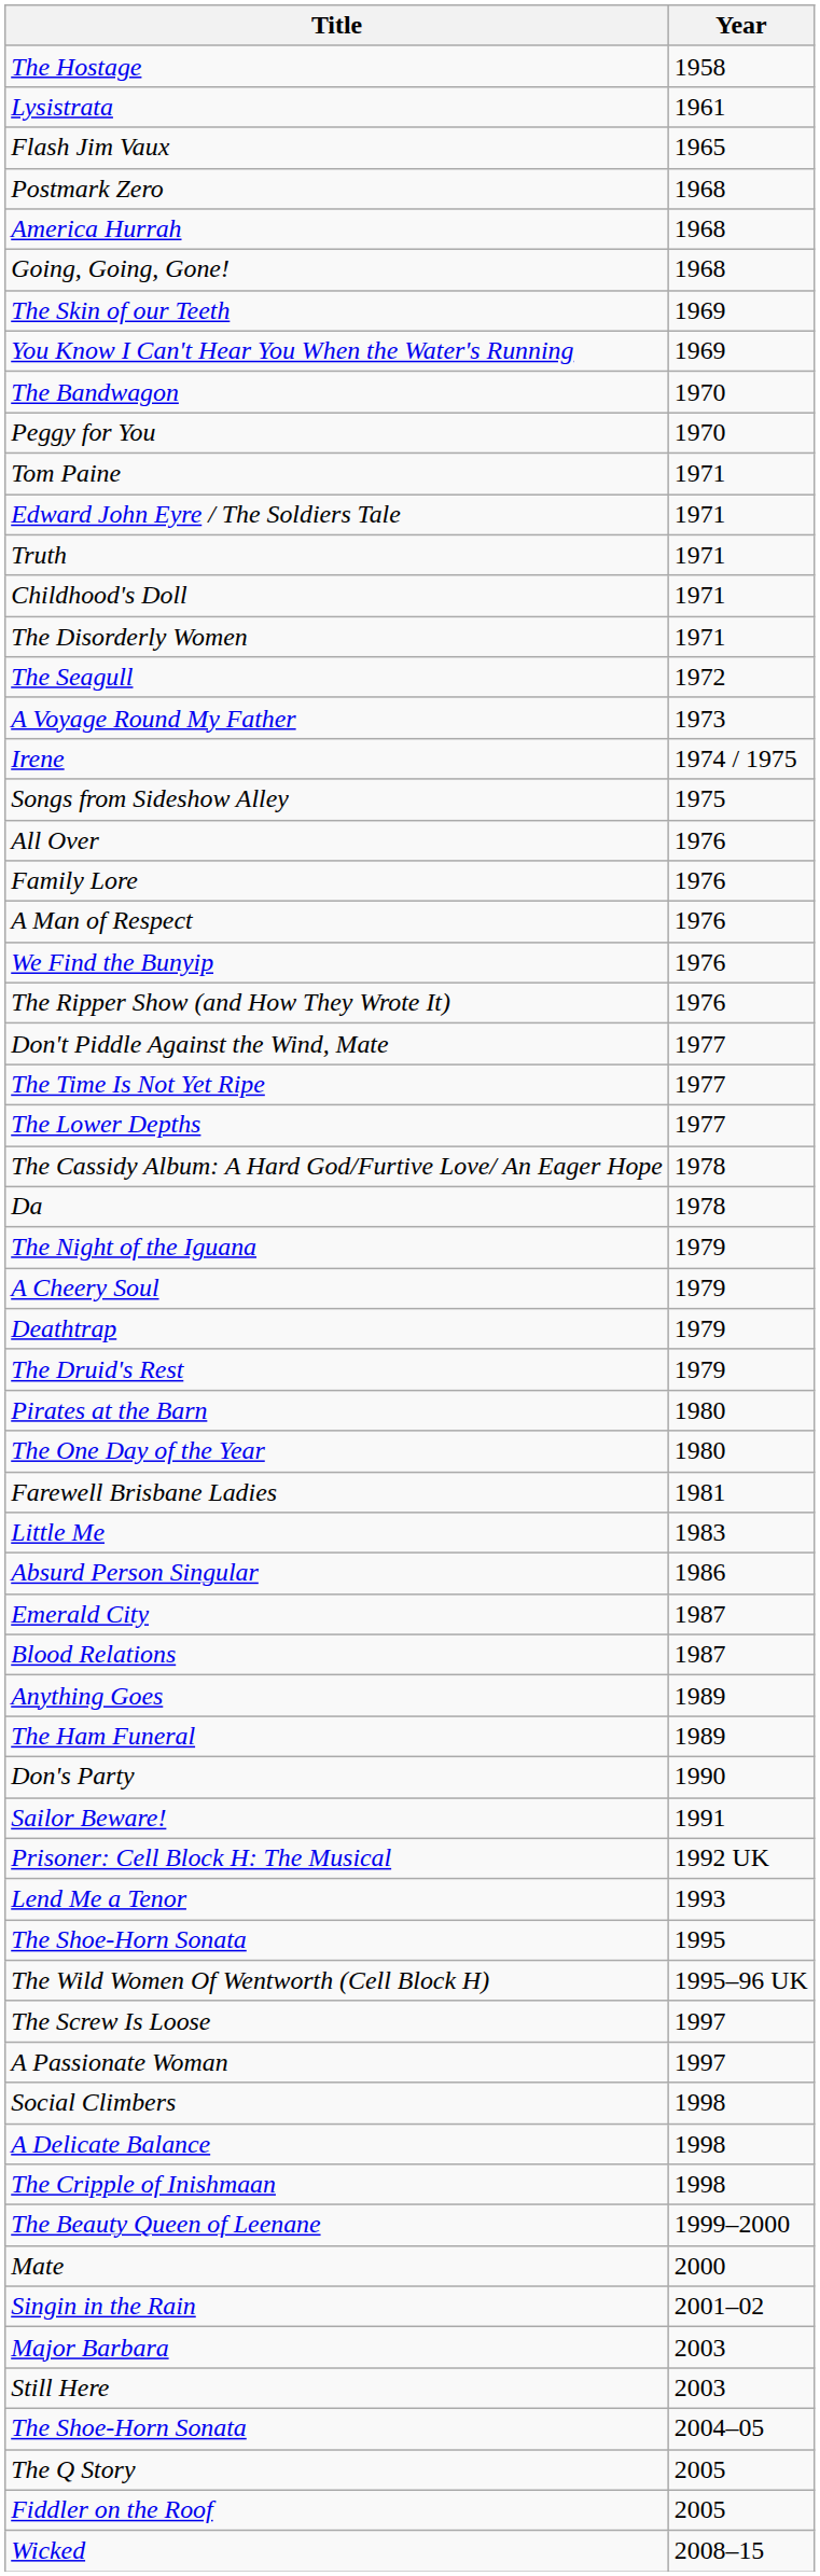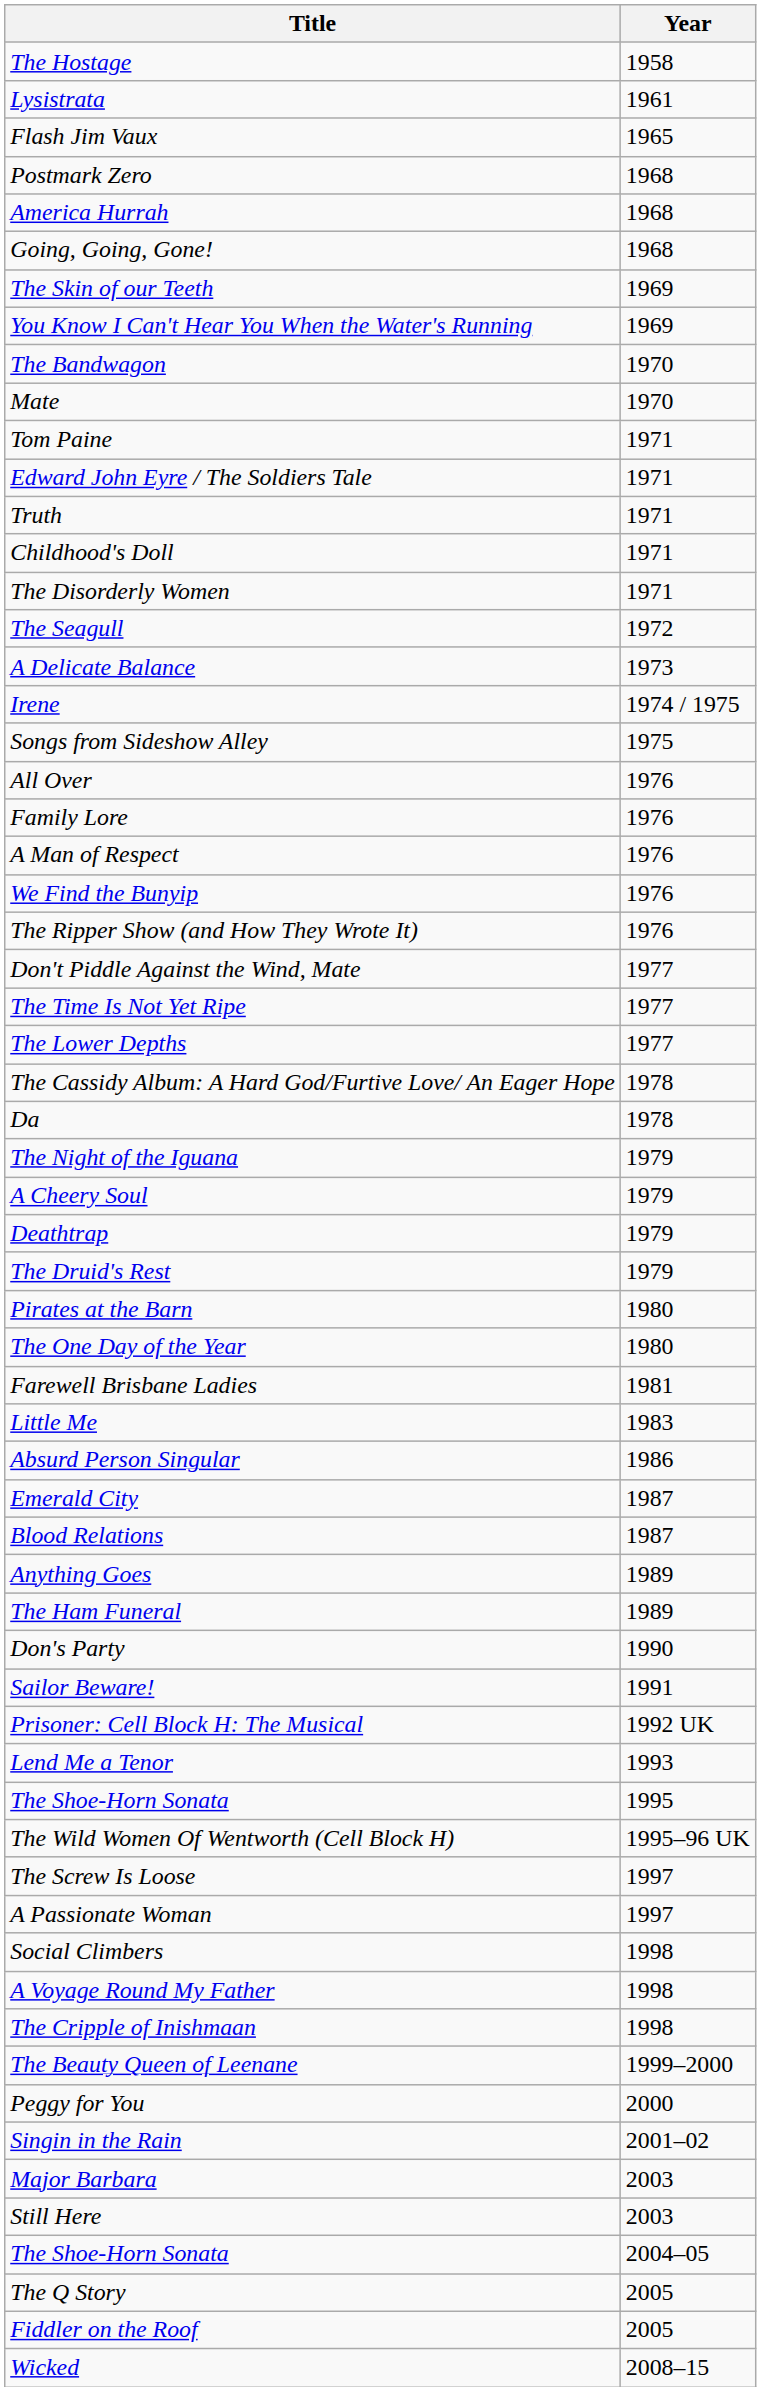 <table class="wikitable">
 <tr>
 <th>Title</th>
 <th>Year</th>
 </tr>
 <tr>
 <td><em><a href='#'>The Hostage</a></em></td>
 <td>1958</td>
 </tr>
 <tr>
 <td><em><a href='#'>Lysistrata</a></em></td>
 <td>1961</td>
 </tr>
 <tr>
 <td><em>Flash Jim Vaux</em></td>
 <td>1965</td>
 </tr>
 <tr>
 <td><em>Postmark Zero</em></td>
 <td>1968</td>
 </tr>
 <tr>
 <td><em><a href='#'>America Hurrah</a></em></td>
 <td>1968</td>
 </tr>
 <tr>
 <td><em>Going, Going, Gone!</em></td>
 <td>1968</td>
 </tr>
 <tr>
 <td><em><a href='#'>The Skin of our Teeth</a></em></td>
 <td>1969</td>
 </tr>
 <tr>
 <td><em><a href='#'>You Know I Can't Hear You When the Water's Running</a></em></td>
 <td>1969</td>
 </tr>
 <tr>
 <td><em><a href='#'>The Bandwagon</a></em></td>
 <td>1970</td>
 </tr>
 <tr>
-<td><em>Peggy for You</em></td>
+<td><em>Mate</em></td>
 <td>1970</td>
 </tr>
 <tr>
 <td><em>Tom Paine</em></td>
 <td>1971</td>
 </tr>
 <tr>
 <td><em><a href='#'>Edward John Eyre</a> / The Soldiers Tale</em></td>
 <td>1971</td>
 </tr>
 <tr>
 <td><em>Truth</em></td>
 <td>1971</td>
 </tr>
 <tr>
 <td><em>Childhood's Doll</em></td>
 <td>1971</td>
 </tr>
 <tr>
 <td><em>The Disorderly Women</em></td>
 <td>1971</td>
 </tr>
 <tr>
 <td><em><a href='#'>The Seagull</a></em></td>
 <td>1972</td>
 </tr>
 <tr>
-<td><em><a href='#'>A Voyage Round My Father</a></em></td>
+<td><em><a href='#'>A Delicate Balance</a></em></td>
 <td>1973</td>
 </tr>
 <tr>
 <td><em><a href='#'>Irene</a></em></td>
 <td>1974 / 1975</td>
 </tr>
 <tr>
 <td><em>Songs from Sideshow Alley</em></td>
 <td>1975</td>
 </tr>
 <tr>
 <td><em>All Over</em></td>
 <td>1976</td>
 </tr>
 <tr>
 <td><em>Family Lore</em></td>
 <td>1976</td>
 </tr>
 <tr>
 <td><em>A Man of Respect</em></td>
 <td>1976</td>
 </tr>
 <tr>
 <td><em><a href='#'>We Find the Bunyip</a></em></td>
 <td>1976</td>
 </tr>
 <tr>
 <td><em>The Ripper Show (and How They Wrote It)</em></td>
 <td>1976</td>
 </tr>
 <tr>
 <td><em>Don't Piddle Against the Wind, Mate</em></td>
 <td>1977</td>
 </tr>
 <tr>
 <td><em><a href='#'>The Time Is Not Yet Ripe</a></em></td>
 <td>1977</td>
 </tr>
 <tr>
 <td><em><a href='#'>The Lower Depths</a></em></td>
 <td>1977</td>
 </tr>
 <tr>
 <td><em>The Cassidy Album: A Hard God/Furtive Love/ An Eager Hope</em></td>
 <td>1978</td>
 </tr>
 <tr>
 <td><em>Da</em></td>
 <td>1978</td>
 </tr>
 <tr>
 <td><em><a href='#'>The Night of the Iguana</a></em></td>
 <td>1979</td>
 </tr>
 <tr>
 <td><em><a href='#'>A Cheery Soul</a></em></td>
 <td>1979</td>
 </tr>
 <tr>
 <td><em><a href='#'>Deathtrap</a></em></td>
 <td>1979</td>
 </tr>
 <tr>
 <td><em><a href='#'>The Druid's Rest</a></em></td>
 <td>1979</td>
 </tr>
 <tr>
 <td><em><a href='#'>Pirates at the Barn</a></em></td>
 <td>1980</td>
 </tr>
 <tr>
 <td><em><a href='#'>The One Day of the Year</a></em></td>
 <td>1980</td>
 </tr>
 <tr>
 <td><em>Farewell Brisbane Ladies</em></td>
 <td>1981</td>
 </tr>
 <tr>
 <td><em><a href='#'>Little Me</a></em></td>
 <td>1983</td>
 </tr>
 <tr>
 <td><em><a href='#'>Absurd Person Singular</a></em></td>
 <td>1986</td>
 </tr>
 <tr>
 <td><em><a href='#'>Emerald City</a></em></td>
 <td>1987</td>
 </tr>
 <tr>
 <td><em><a href='#'>Blood Relations</a></em></td>
 <td>1987</td>
 </tr>
 <tr>
 <td><em><a href='#'>Anything Goes</a></em></td>
 <td>1989</td>
 </tr>
 <tr>
 <td><em><a href='#'>The Ham Funeral</a></em></td>
 <td>1989</td>
 </tr>
 <tr>
 <td><em>Don's Party</em></td>
 <td>1990</td>
 </tr>
 <tr>
 <td><em><a href='#'>Sailor Beware!</a></em></td>
 <td>1991</td>
 </tr>
 <tr>
 <td><em><a href='#'>Prisoner: Cell Block H: The Musical</a></em></td>
 <td>1992 UK</td>
 </tr>
 <tr>
 <td><em><a href='#'>Lend Me a Tenor</a></em></td>
 <td>1993</td>
 </tr>
 <tr>
 <td><em><a href='#'>The Shoe-Horn Sonata</a></em></td>
 <td>1995</td>
 </tr>
 <tr>
 <td><em>The Wild Women Of Wentworth (Cell Block H)</em></td>
 <td>1995–96 UK</td>
 </tr>
 <tr>
 <td><em>The Screw Is Loose</em></td>
 <td>1997</td>
 </tr>
 <tr>
 <td><em>A Passionate Woman</em></td>
 <td>1997</td>
 </tr>
 <tr>
 <td><em>Social Climbers</em></td>
 <td>1998</td>
 </tr>
 <tr>
-<td><em><a href='#'>A Delicate Balance</a></em></td>
+<td><em><a href='#'>A Voyage Round My Father</a></em></td>
 <td>1998</td>
 </tr>
 <tr>
 <td><em><a href='#'>The Cripple of Inishmaan</a></em></td>
 <td>1998</td>
 </tr>
 <tr>
 <td><em><a href='#'>The Beauty Queen of Leenane</a></em></td>
 <td>1999–2000</td>
 </tr>
 <tr>
-<td><em>Mate</em></td>
+<td><em>Peggy for You</em></td>
 <td>2000</td>
 </tr>
 <tr>
 <td><em><a href='#'>Singin in the Rain</a></em></td>
 <td>2001–02</td>
 </tr>
 <tr>
 <td><em><a href='#'>Major Barbara</a></em></td>
 <td>2003</td>
 </tr>
 <tr>
 <td><em>Still Here</em></td>
 <td>2003</td>
 </tr>
 <tr>
 <td><em><a href='#'>The Shoe-Horn Sonata</a></em></td>
 <td>2004–05</td>
 </tr>
 <tr>
 <td><em>The Q Story</em></td>
 <td>2005</td>
 </tr>
 <tr>
 <td><em><a href='#'>Fiddler on the Roof</a></em></td>
 <td>2005</td>
 </tr>
 <tr>
 <td><em><a href='#'>Wicked</a></em></td>
 <td>2008–15</td>
 </tr>
 </table>
